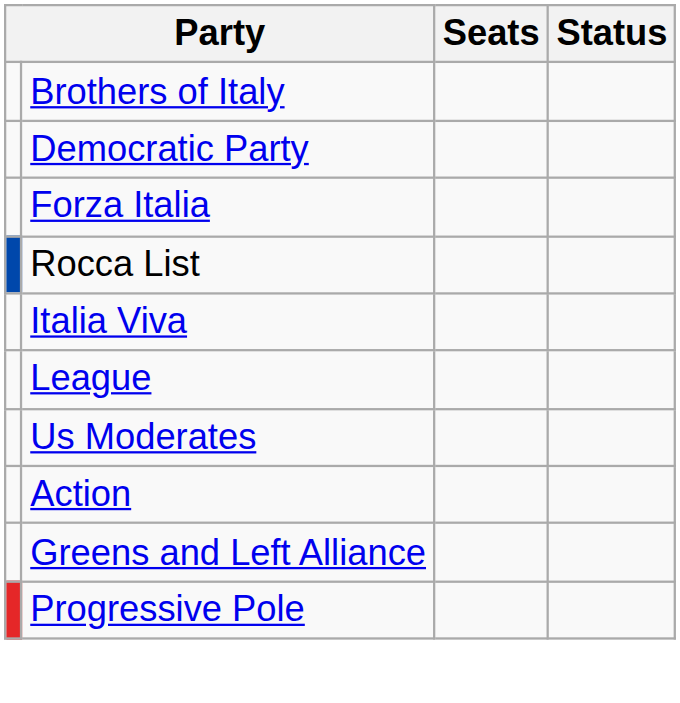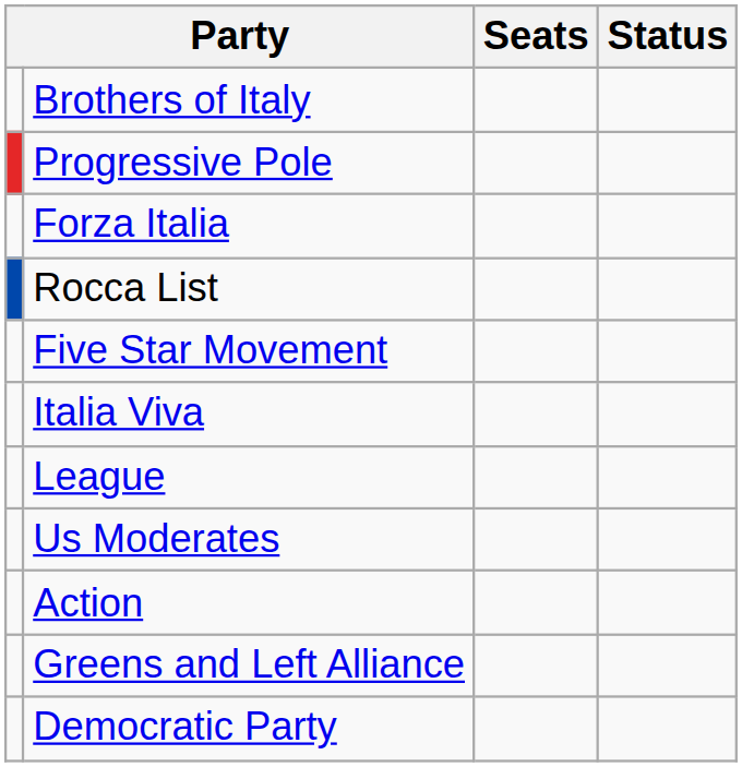 <table class=wikitable>
 <tr>
 <th colspan=2>Party</th>
 <th>Seats</th>
 <th>Status</th>
 </tr>
 <tr>
 <td style="color:inherit;background:"></td>
 <td><a href='#'>Brothers of Italy</a></td>
 <td></td>
 <td></td>
 </tr>
 <tr>
-<td style="color:inherit;background:"></td>
-<td><a href='#'>Democratic Party</a></td>
+<td style="color:inherit;background:#E52728"></td>
+<td><a href='#'>Progressive Pole</a></td>
 <td></td>
 <td></td>
 </tr>
 <tr>
 <td style="color:inherit;background:"></td>
 <td><a href='#'>Forza Italia</a></td>
 <td></td>
 <td></td>
 </tr>
 <tr>
 <td style="color:inherit;background:#0047AB"></td>
 <td>Rocca List</td>
+<td></td>
+<td></td>
+</tr>
+<tr>
+<td style="color:inherit;background:"></td>
+<td><a href='#'>Five Star Movement</a></td>
 <td></td>
 <td></td>
 </tr>
 <tr>
 <td style="color:inherit;background:"></td>
 <td><a href='#'>Italia Viva</a></td>
 <td></td>
 <td></td>
 </tr>
 <tr>
 <td style="color:inherit;background:"></td>
 <td><a href='#'>League</a></td>
 <td></td>
 <td></td>
 </tr>
 <tr>
 <td style="color:inherit;background:"></td>
 <td><a href='#'>Us Moderates</a></td>
 <td></td>
 <td></td>
 </tr>
 <tr>
 <td style="color:inherit;background:"></td>
 <td><a href='#'>Action</a></td>
 <td></td>
 <td></td>
 </tr>
 <tr>
 <td style="color:inherit;background:"></td>
 <td><a href='#'>Greens and Left Alliance</a></td>
 <td></td>
 <td></td>
 </tr>
 <tr>
-<td style="color:inherit;background:#E52728"></td>
-<td><a href='#'>Progressive Pole</a></td>
+<td style="color:inherit;background:"></td>
+<td><a href='#'>Democratic Party</a></td>
 <td></td>
 <td></td>
 </tr>
 </table>
